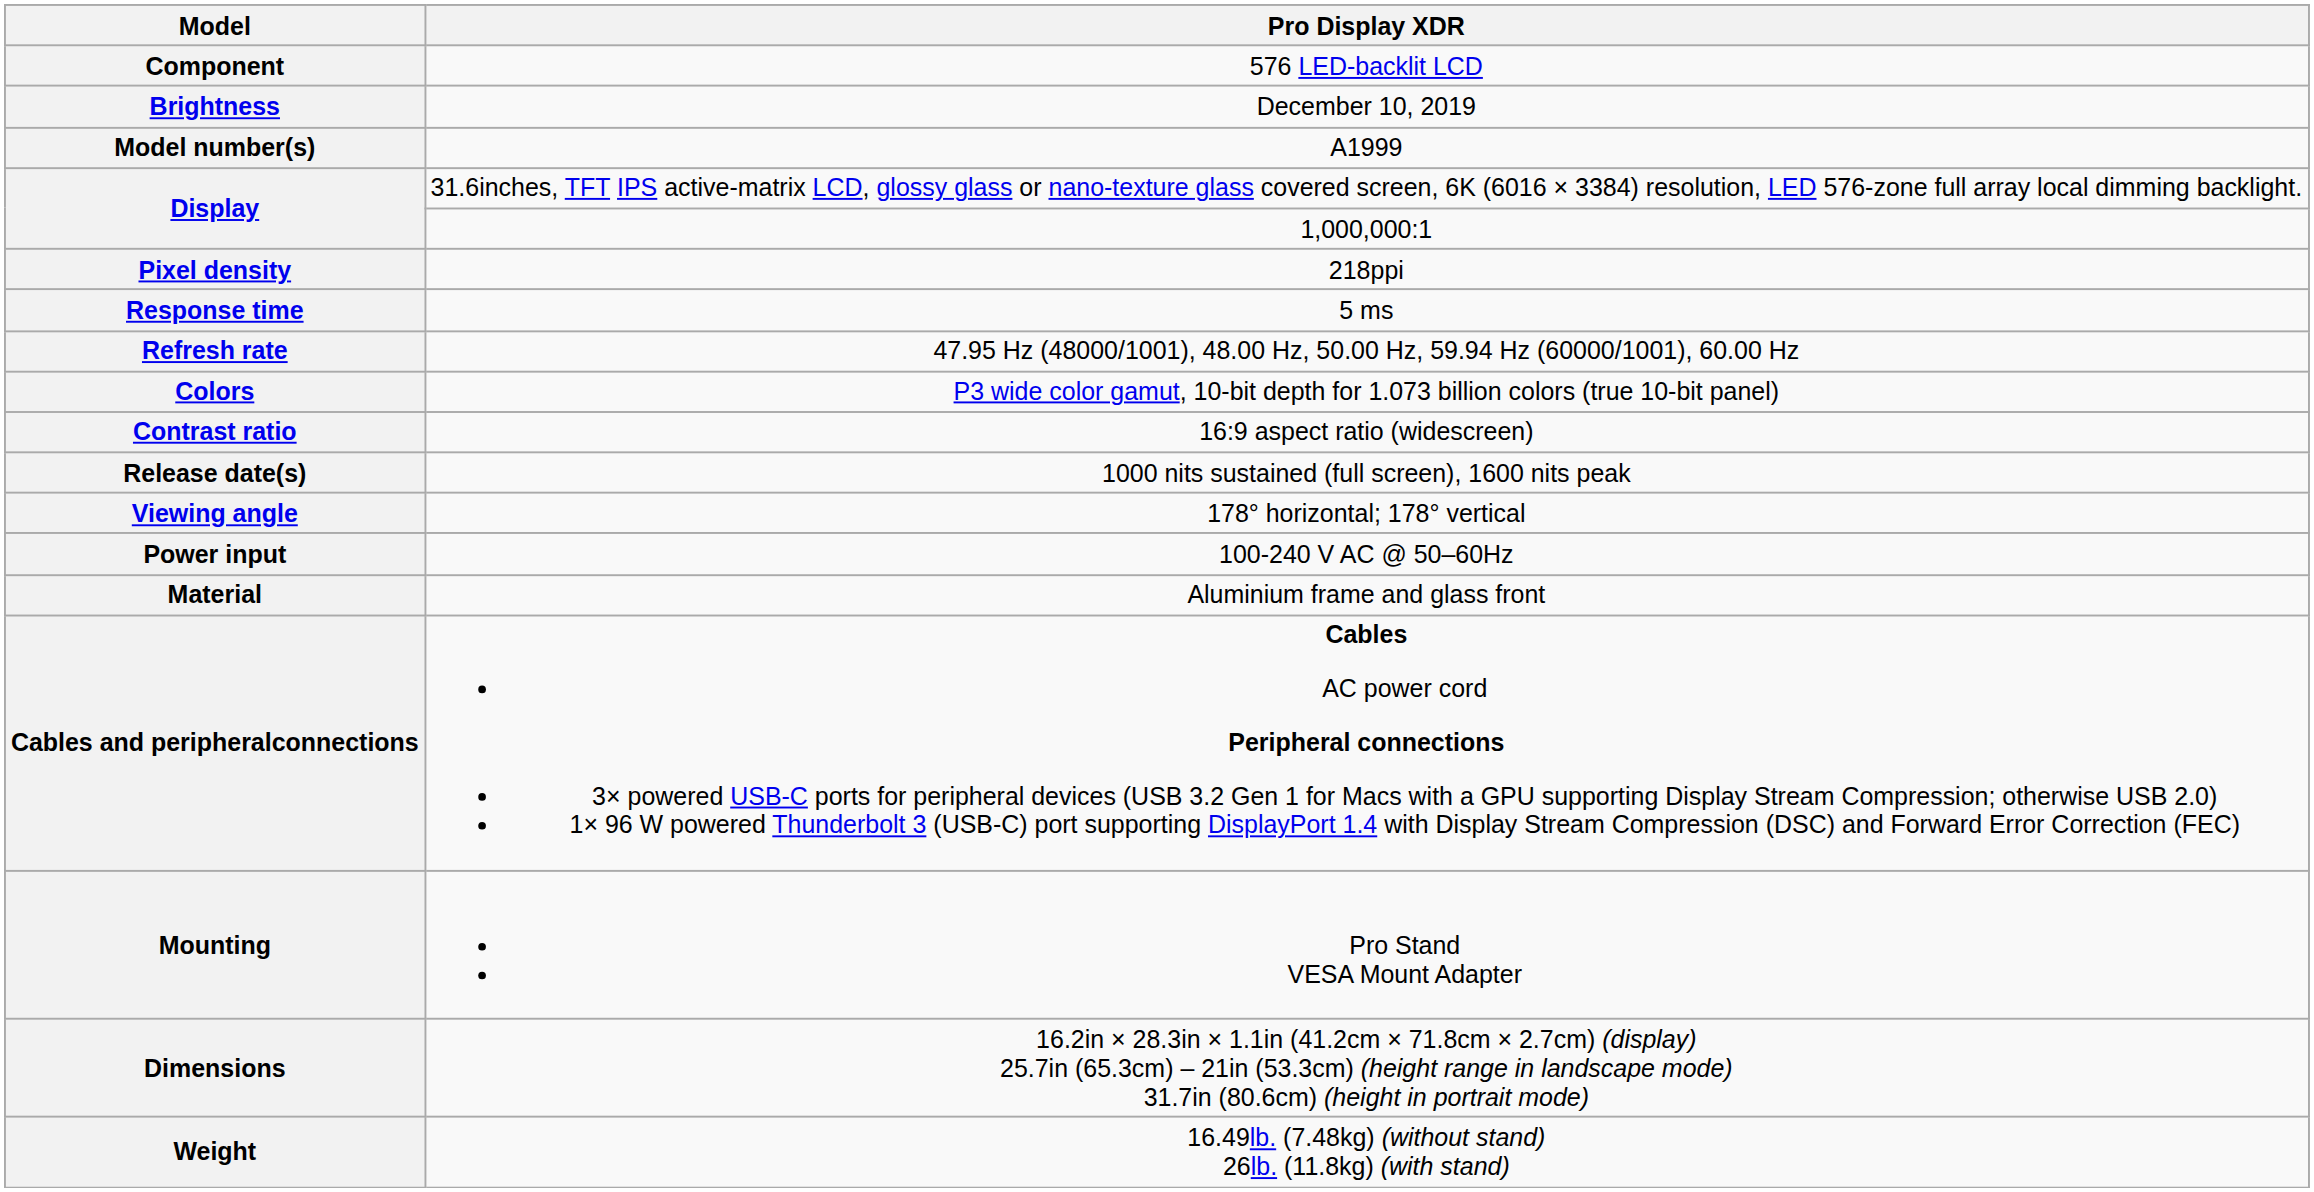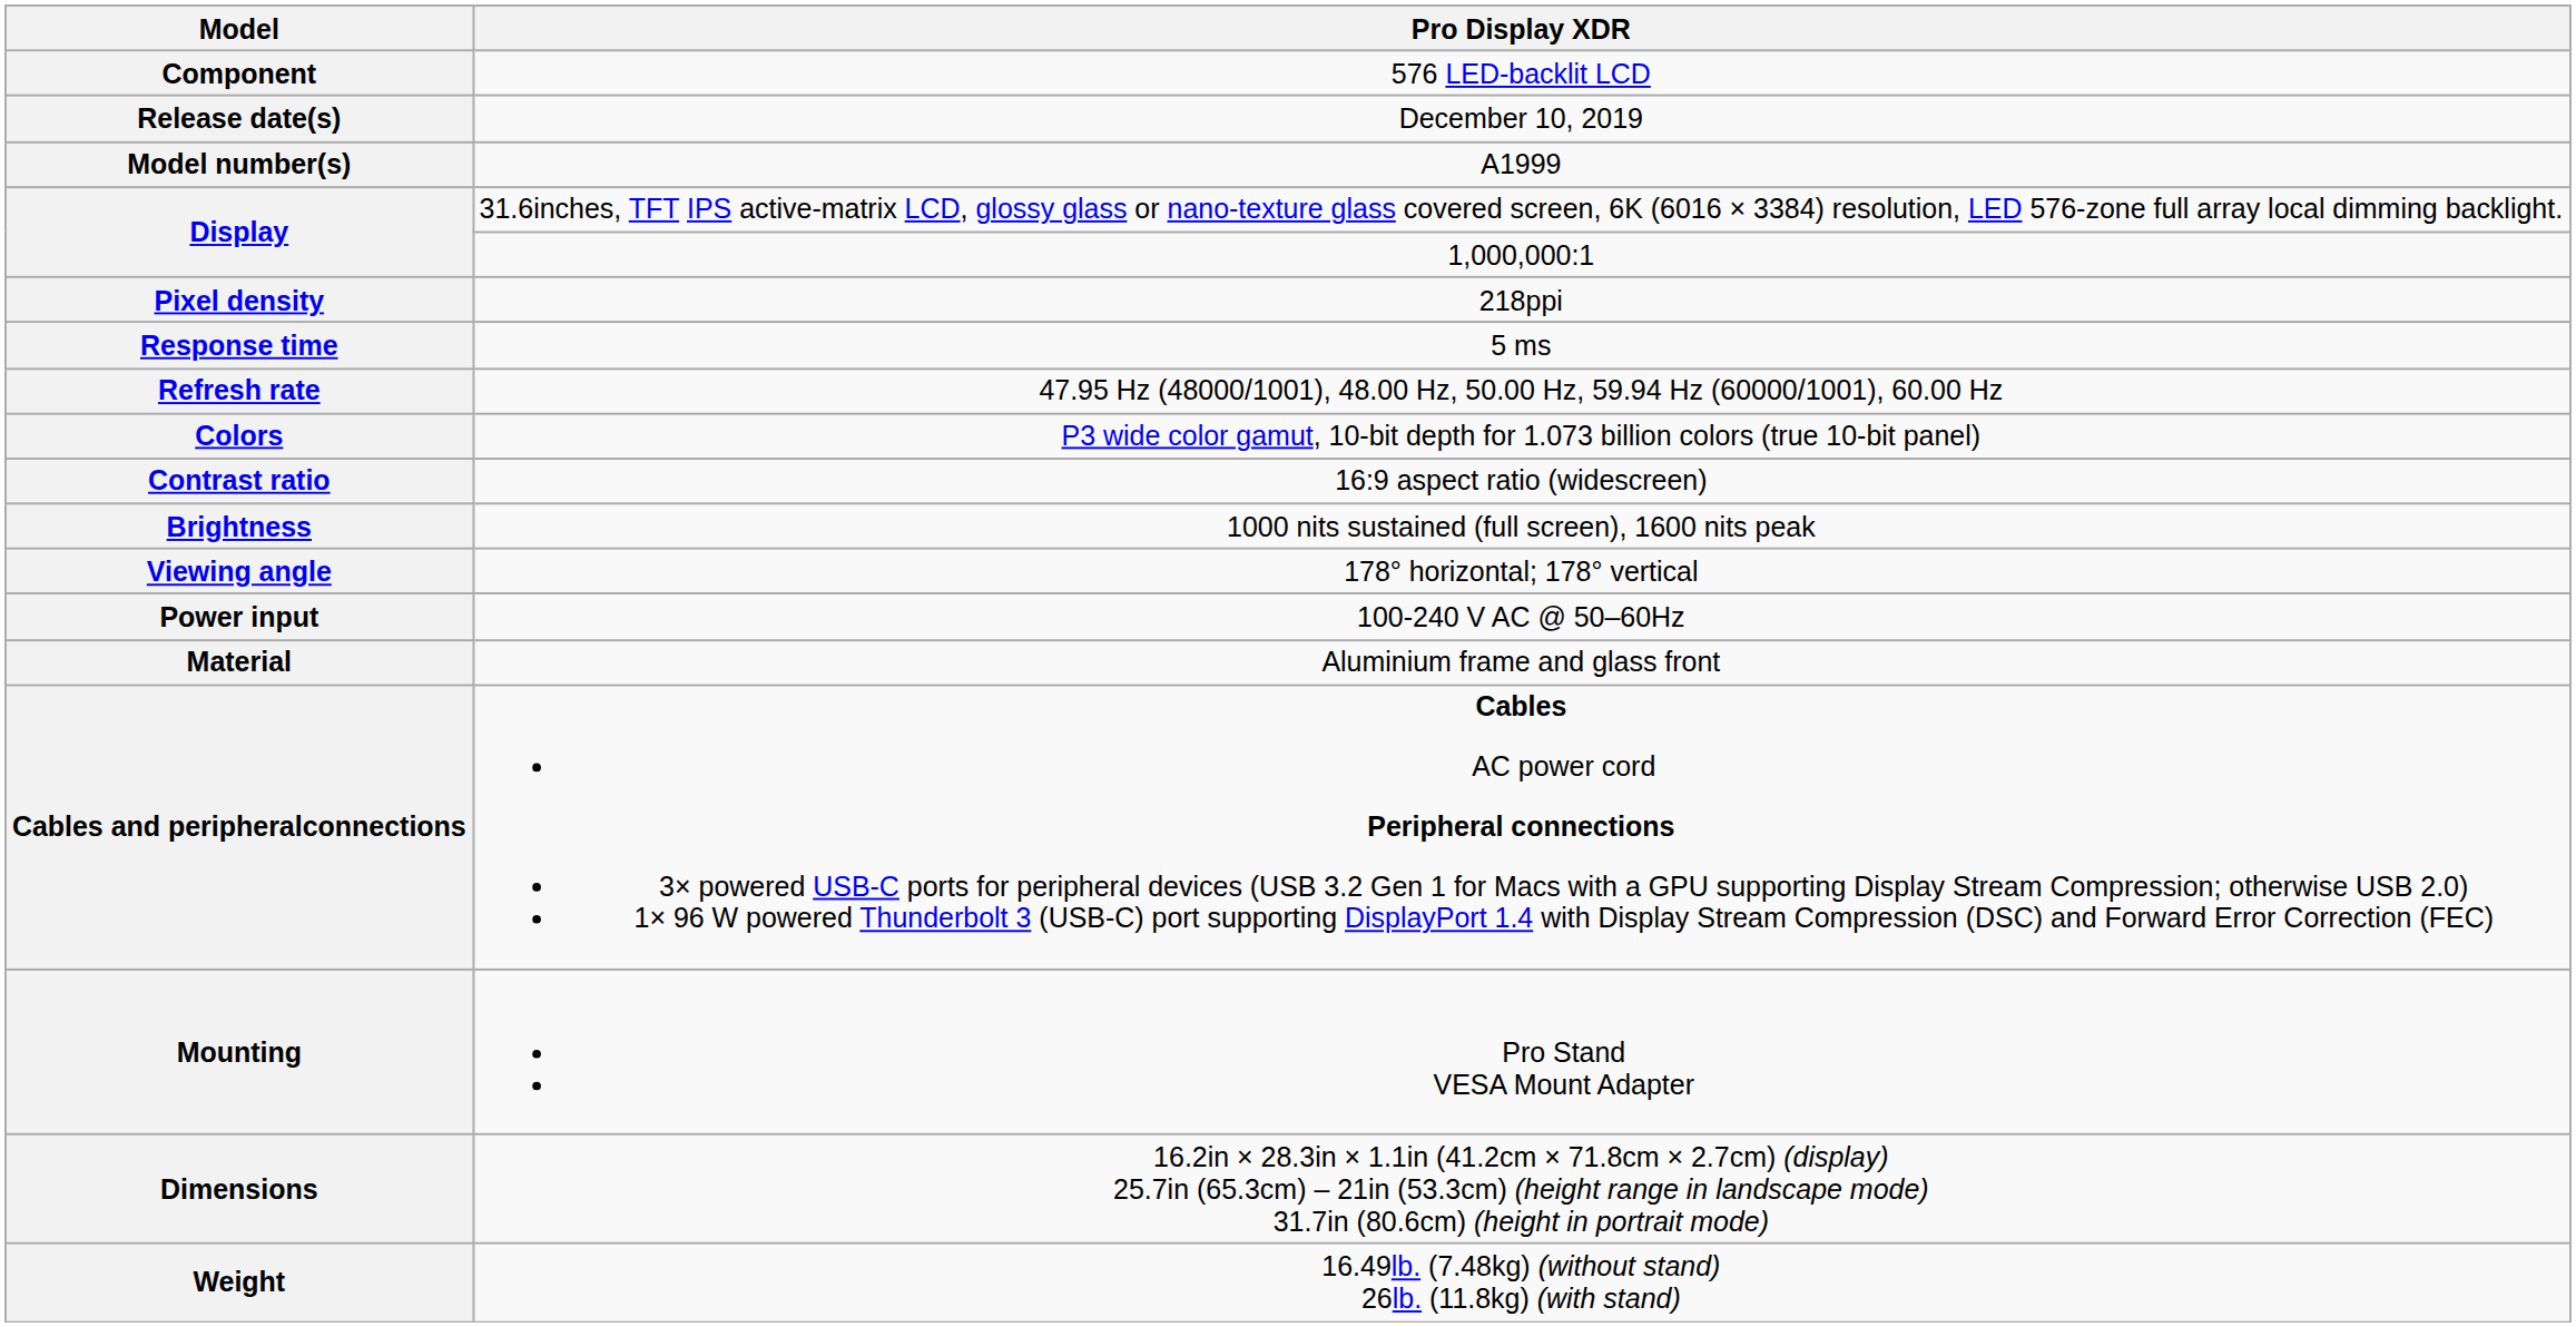 <table class="wikitable mw-collapsible" style="font-size:small; text-align:center">
 <tr>
 <th>Model</th>
 <th>Pro Display XDR</th>
 </tr>
 <tr>
 <th><strong>Component</strong></th>
 <td>576 <a href='#'>LED-backlit LCD</a></td>
 </tr>
 <tr>
-<th><strong><a href='#'>Brightness</a></strong></th>
+<th><strong>Release date(s)</strong></th>
 <td>December 10, 2019</td>
 </tr>
 <tr>
 <th><strong>Model number(s)</strong></th>
 <td>A1999</td>
 </tr>
 <tr>
 <th rowspan="2"><strong><a href='#'>Display</a></strong></th>
 <td>31.6inches, <a href='#'>TFT</a> <a href='#'>IPS</a> active-matrix <a href='#'>LCD</a>, <a href='#'>glossy glass</a> or <a href='#'>nano-texture glass</a> covered screen, 6K (6016 × 3384) resolution, <a href='#'>LED</a> 576-zone full array local dimming backlight.</td>
 </tr>
 <tr>
 <td>1,000,000:1</td>
 </tr>
 <tr>
 <th><strong><a href='#'>Pixel density</a></strong></th>
 <td>218ppi</td>
 </tr>
 <tr>
 <th><strong><a href='#'>Response time</a></strong></th>
 <td>5 ms</td>
 </tr>
 <tr>
 <th><strong><a href='#'>Refresh rate</a></strong></th>
 <td>47.95 Hz (48000/1001), 48.00 Hz, 50.00 Hz, 59.94 Hz (60000/1001), 60.00 Hz</td>
 </tr>
 <tr>
 <th><strong><a href='#'>Colors</a></strong></th>
 <td><a href='#'>P3 wide color gamut</a>, 10-bit depth for 1.073 billion colors (true 10-bit panel)</td>
 </tr>
 <tr>
 <th><strong><a href='#'>Contrast ratio</a></strong></th>
 <td>16:9 aspect ratio (widescreen)</td>
 </tr>
 <tr>
-<th><strong>Release date(s)</strong></th>
+<th><strong><a href='#'>Brightness</a></strong></th>
 <td>1000 nits sustained (full screen), 1600 nits peak</td>
 </tr>
 <tr>
 <th><strong><a href='#'>Viewing angle</a></strong></th>
 <td>178° horizontal; 178° vertical</td>
 </tr>
 <tr>
 <th><strong>Power input</strong></th>
 <td>100-240 V AC @ 50–60Hz</td>
 </tr>
 <tr>
 <th><strong>Material</strong></th>
 <td>Aluminium frame and glass front</td>
 </tr>
 <tr>
 <th><strong>Cables and peripheral</strong><strong>connections</strong></th>
 <td><strong>Cables</strong><br><ul><li>AC power cord</li></ul><strong>Peripheral connections</strong><ul><li>3× powered <a href='#'>USB-C</a> ports for peripheral devices (USB 3.2 Gen 1 for Macs with a GPU supporting Display Stream Compression; otherwise USB 2.0)</li><li>1× 96 W powered <a href='#'>Thunderbolt 3</a> (USB-C) port supporting <a href='#'>DisplayPort 1.4</a> with Display Stream Compression (DSC) and Forward Error Correction (FEC)</li></ul></td>
 </tr>
 <tr>
 <th><strong>Mounting</strong></th>
 <td><br><ul><li>Pro Stand</li><li>VESA Mount Adapter</li></ul></td>
 </tr>
 <tr>
 <th><strong>Dimensions</strong></th>
 <td>16.2in × 28.3in × 1.1in (41.2cm × 71.8cm × 2.7cm) <em>(display)</em><br>25.7in (65.3cm) – 21in (53.3cm) <em>(height range in landscape mode)</em><br>31.7in (80.6cm) <em>(height in portrait mode)</em></td>
 </tr>
 <tr>
 <th><strong>Weight</strong></th>
 <td>16.49<a href='#'>lb.</a> (7.48kg) <em>(without stand)</em><br>26<a href='#'>lb.</a> (11.8kg) <em>(with stand)</em></td>
 </tr>
 </table>
